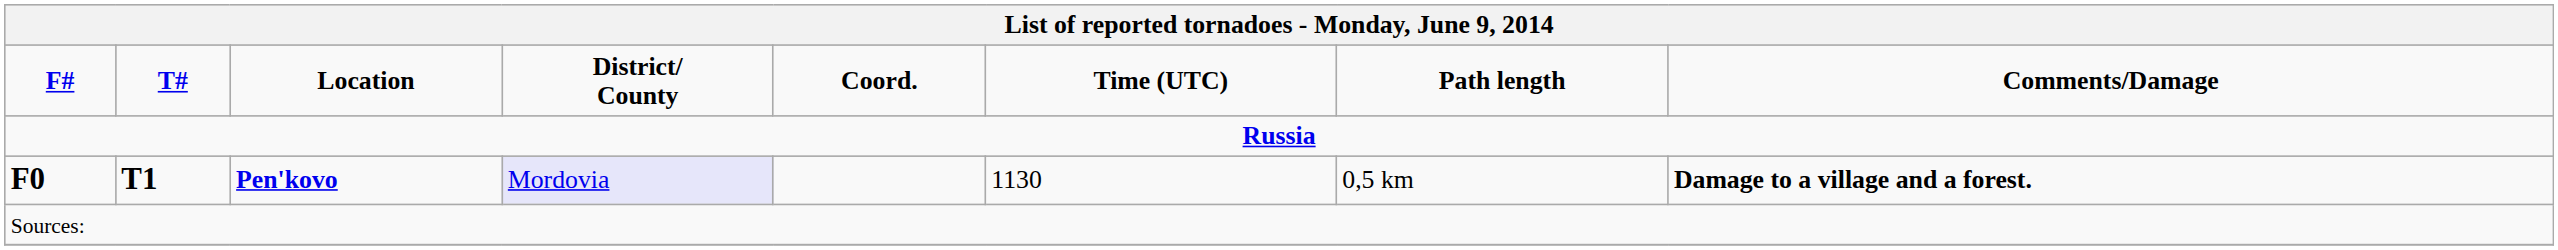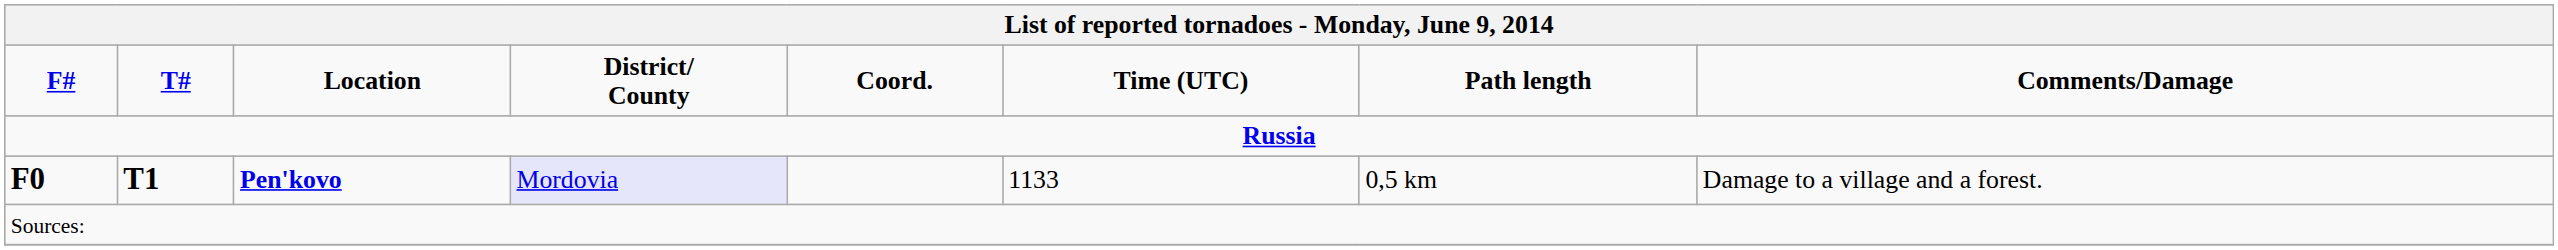 <table class="wikitable collapsible" width="100%">
 <tr>
 <th colspan="8">List of reported tornadoes - Monday, June 9, 2014</th>
 </tr>
 <tr>
 <td style="text-align: center;"><strong><a href='#'>F#</a></strong></td>
 <td style="text-align: center;"><strong><a href='#'>T#</a></strong></td>
 <td style="text-align: center;"><strong>Location</strong></td>
 <td style="text-align: center;"><strong>District/<br>County</strong></td>
 <td style="text-align: center;"><strong>Coord.</strong></td>
 <td style="text-align: center;"><strong>Time (UTC)</strong></td>
 <td style="text-align: center;"><strong>Path length</strong></td>
 <td style="text-align: center;"><strong>Comments/Damage</strong></td>
 </tr>
 <tr>
 <td colspan="8" align=center><strong><a href='#'>Russia</a></strong></td>
 </tr>
 <tr>
 <td><big><strong>F0</strong></big></td>
 <td><big><strong>T1</strong></big></td>
 <td><strong><a href='#'>Pen'kovo</a></strong></td>
 <td style="background: lavender;"><a href='#'>Mordovia</a></td>
 <td></td>
-<td>1130</td>
+<td>1133</td>
 <td>0,5 km</td>
-<td><strong>Damage to a village and a forest.</strong></td>
+<td>Damage to a village and a forest.</td>
 </tr>
 <tr>
 <td colspan="8"><small>Sources:</small></td>
 </tr>
 <tr>
 </tr>
 </table>
